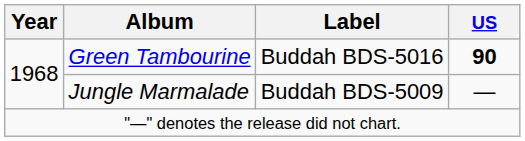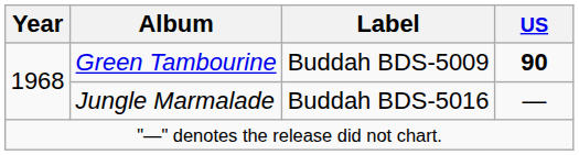 <table class="wikitable">
 <tr>
 <th>Year</th>
 <th>Album</th>
 <th>Label</th>
 <th style="width:45px;"><small><a href='#'>US</a></small><br></th>
 </tr>
 <tr>
 <td rowspan="2">1968</td>
 <td><em><a href='#'>Green Tambourine</a></em></td>
-<td>Buddah BDS-5016</td>
+<td>Buddah BDS-5009</td>
 <td align=center><strong>90</strong></td>
 </tr>
 <tr>
 <td><em>Jungle Marmalade</em></td>
-<td>Buddah BDS-5009</td>
+<td>Buddah BDS-5016</td>
 <td align=center>—</td>
 </tr>
 <tr>
 <td colspan="4" style="text-align:center; font-size:9pt;">"—" denotes the release did not chart.</td>
 </tr>
 </table>
